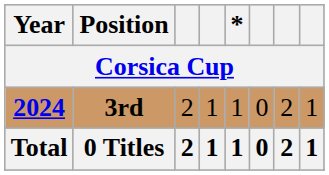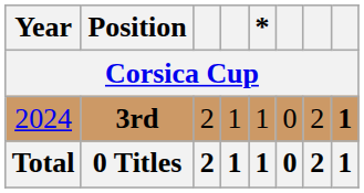 <table class="wikitable" style="text-align: center;">
 <tr>
 <th>Year</th>
 <th>Position</th>
 <th></th>
 <th></th>
 <th>*</th>
 <th></th>
 <th></th>
 <th></th>
 </tr>
 <tr>
 <th colspan=8><a href='#'>Corsica Cup</a></th>
 </tr>
 <tr style="background:#c96">
-<td><strong> <a href='#'>2024</a></strong></td>
+<td> <a href='#'>2024</a></td>
 <td><strong>3rd</strong></td>
 <td>2</td>
 <td>1</td>
 <td>1</td>
 <td>0</td>
 <td>2</td>
-<td>1</td>
+<td><strong>1</strong></td>
 </tr>
 <tr>
 <th>Total</th>
 <th>0 Titles</th>
 <th>2</th>
 <th>1</th>
 <th>1</th>
 <th>0</th>
 <th>2</th>
 <th>1</th>
 </tr>
 </table>
